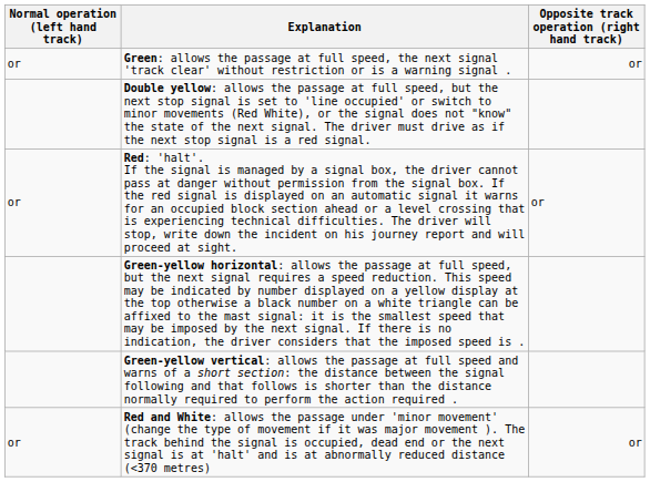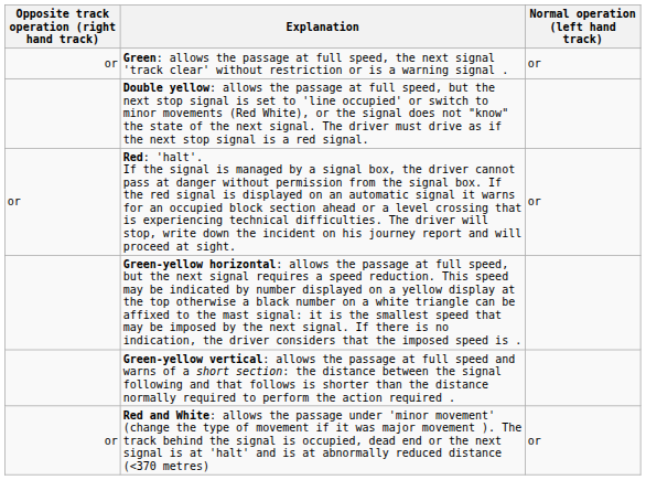 <table class = "wikitable left"  width = "750">
 <tr>
+<th width="130">Opposite track operation (right hand track)</th>
+<th>Explanation</th>
 <th width="130">Normal operation (left hand track)</th>
-<th>Explanation</th>
-<th width="130">Opposite track operation (right hand track)</th>
 </tr>
 <tr>
+<td align="right"> or </td>
+<td><strong> Green</strong>: allows the passage at full speed, the next signal 'track clear' without restriction or is a warning signal .</td>
 <td> or </td>
-<td><strong> Green</strong>: allows the passage at full speed, the next signal 'track clear' without restriction or is a warning signal .</td>
-<td align="right"> or </td>
 </tr>
 <tr>
+<td align="right"></td>
+<td><strong> Double yellow</strong>: allows the passage at full speed, but the next stop signal is set to 'line occupied' or switch to minor movements (Red White), or the signal does not "know" the state of the next signal. The driver must drive as if the next stop signal is a red signal.</td>
 <td></td>
-<td><strong> Double yellow</strong>: allows the passage at full speed, but the next stop signal is set to 'line occupied' or switch to minor movements (Red White), or the signal does not "know" the state of the next signal. The driver must drive as if the next stop signal is a red signal.</td>
-<td align="right"></td>
 </tr>
 <tr ->
 <td> or </td>
 <td><strong>Red</strong>: 'halt'.<br>If the signal is managed by a signal box, the driver cannot pass at danger without permission from the signal box. If the red signal is displayed on an automatic signal it warns for an occupied block section ahead or a level crossing that is experiencing technical difficulties. The driver will stop, write down the incident on his journey report and will proceed at sight.</td>
 <td> or </td>
 </tr>
 <tr ->
+<td align="right"></td>
+<td><strong> Green-yellow horizontal</strong>: allows the passage at full speed, but the next signal requires a speed reduction. This speed may be indicated by number displayed on a yellow display at the top otherwise a black number on a white triangle can be affixed to the mast signal: it is the smallest speed that may be imposed by the next signal. If there is no indication, the driver considers that the imposed speed is .</td>
 <td></td>
-<td><strong> Green-yellow horizontal</strong>: allows the passage at full speed, but the next signal requires a speed reduction. This speed may be indicated by number displayed on a yellow display at the top otherwise a black number on a white triangle can be affixed to the mast signal: it is the smallest speed that may be imposed by the next signal. If there is no indication, the driver considers that the imposed speed is .</td>
-<td align="right"></td>
 </tr>
 <tr ->
+<td align="right"></td>
+<td><strong> Green-yellow vertical</strong>: allows the passage at full speed and warns of a <em>short section</em>: the distance between the signal following and that follows is shorter than the distance normally required to perform the action required .</td>
 <td></td>
-<td><strong> Green-yellow vertical</strong>: allows the passage at full speed and warns of a <em>short section</em>: the distance between the signal following and that follows is shorter than the distance normally required to perform the action required .</td>
-<td align="right"></td>
 </tr>
 <tr ->
+<td align="right"> or </td>
+<td><strong> Red and White</strong>: allows the passage under 'minor movement' (change the type of movement if it was major movement ). The track behind the signal is occupied, dead end or the next signal is at 'halt' and is at abnormally reduced distance (<370 metres)</td>
 <td> or </td>
-<td><strong> Red and White</strong>: allows the passage under 'minor movement' (change the type of movement if it was major movement ). The track behind the signal is occupied, dead end or the next signal is at 'halt' and is at abnormally reduced distance (<370 metres)</td>
-<td align="right"> or </td>
 </tr>
 </table>
